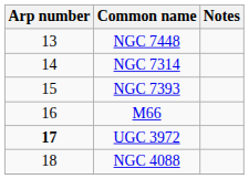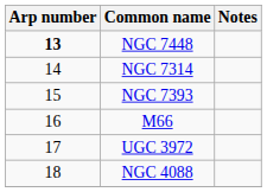 <table class="wikitable" style="text-align:center;">
 <tr>
 <th>Arp number</th>
 <th>Common name</th>
 <th>Notes</th>
 </tr>
 <tr>
-<td>13</td>
+<td><strong>13</strong></td>
 <td><a href='#'>NGC 7448</a></td>
 <td></td>
 </tr>
 <tr>
 <td>14</td>
 <td><a href='#'>NGC 7314</a></td>
 <td></td>
 </tr>
 <tr>
 <td>15</td>
 <td><a href='#'>NGC 7393</a></td>
 <td></td>
 </tr>
 <tr>
 <td>16</td>
 <td><a href='#'>M66</a></td>
 <td></td>
 </tr>
 <tr>
-<td><strong>17</strong></td>
+<td>17</td>
 <td><a href='#'>UGC 3972</a></td>
 <td></td>
 </tr>
 <tr>
 <td>18</td>
 <td><a href='#'>NGC 4088</a></td>
 <td></td>
 </tr>
 <tr>
 </tr>
 </table>
